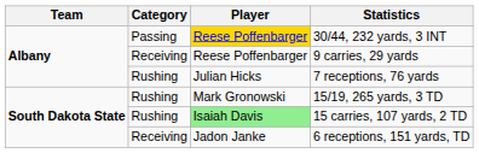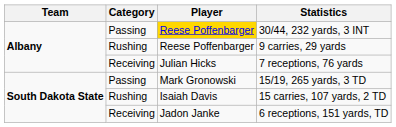 <table class="wikitable" style="float: left;">
 <tr>
 <th>Team</th>
 <th>Category</th>
 <th>Player</th>
 <th>Statistics</th>
 </tr>
 <tr>
 <td rowspan=3><strong>Albany</strong></td>
 <td>Passing</td>
 <td style="background: gold;"><a href='#'>Reese Poffenbarger</a></td>
 <td>30/44, 232 yards, 3 INT</td>
 </tr>
 <tr>
-<td>Receiving</td>
+<td>Rushing</td>
 <td>Reese Poffenbarger</td>
 <td>9 carries, 29 yards</td>
 </tr>
 <tr>
-<td>Rushing</td>
+<td>Receiving</td>
 <td>Julian Hicks</td>
 <td>7 receptions, 76 yards</td>
 </tr>
 <tr>
 <td rowspan=3><strong>South Dakota State</strong></td>
-<td>Rushing</td>
+<td>Passing</td>
 <td>Mark Gronowski</td>
 <td>15/19, 265 yards, 3 TD</td>
 </tr>
 <tr>
 <td>Rushing</td>
-<td style="background: lightgreen;">Isaiah Davis</td>
+<td>Isaiah Davis</td>
 <td>15 carries, 107 yards, 2 TD</td>
 </tr>
 <tr>
 <td>Receiving</td>
 <td>Jadon Janke</td>
 <td>6 receptions, 151 yards, TD</td>
 </tr>
 </table>
